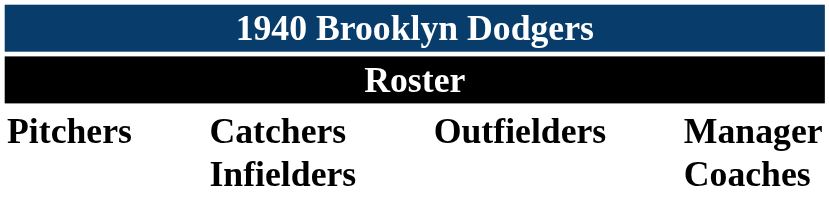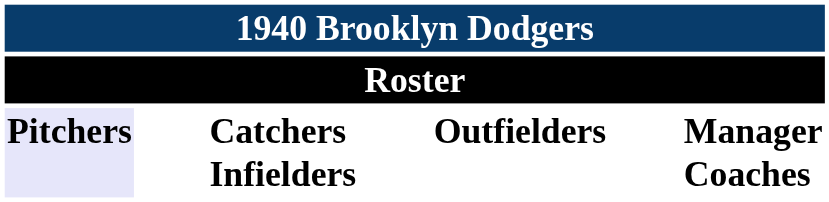 <table class="toccolours" style="font-size: 95%;">
 <tr>
 <th colspan="10" style="background-color: #083c6b; color: white; text-align: center;">1940 Brooklyn Dodgers</th>
 </tr>
 <tr>
 <td colspan="10" style="background-color: black; color: white; text-align: center;"><strong>Roster</strong></td>
 </tr>
 <tr>
-<td valign="top"><strong>Pitchers</strong><br>                 </td>
+<td valign="top" style="background: lavender;"><strong>Pitchers</strong><br>                 </td>
 <td width="25px"></td>
 <td valign="top"><strong>Catchers</strong><br>    <strong>Infielders</strong>        </td>
 <td width="25px"></td>
 <td valign="top"><strong>Outfielders</strong><br>         </td>
 <td width="25px"></td>
 <td valign="top"><strong>Manager</strong><br> <strong>Coaches</strong>   </td>
 </tr>
 </table>
